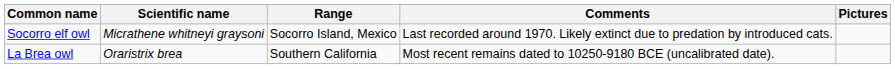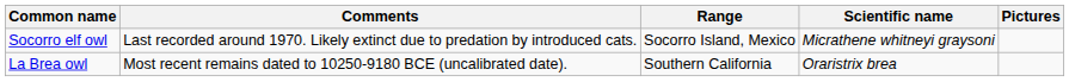 <table class="wikitable">
 <tr>
 <th>Common name</th>
+<th class="unsortable">Comments</th>
+<th>Range</th>
 <th>Scientific name</th>
-<th>Range</th>
-<th class="unsortable">Comments</th>
 <th>Pictures</th>
 </tr>
 <tr>
 <td><a href='#'>Socorro elf owl</a></td>
+<td>Last recorded around 1970. Likely extinct due to predation by introduced cats.</td>
+<td>Socorro Island, Mexico</td>
 <td><em>Micrathene whitneyi graysoni</em></td>
-<td>Socorro Island, Mexico</td>
-<td>Last recorded around 1970. Likely extinct due to predation by introduced cats.</td>
 <td></td>
 </tr>
 <tr>
 <td><a href='#'>La Brea owl</a></td>
+<td>Most recent remains dated to 10250-9180 BCE (uncalibrated date).</td>
+<td>Southern California</td>
 <td><em>Oraristrix brea</em></td>
-<td>Southern California</td>
-<td>Most recent remains dated to 10250-9180 BCE (uncalibrated date).</td>
 <td></td>
 </tr>
 </table>
